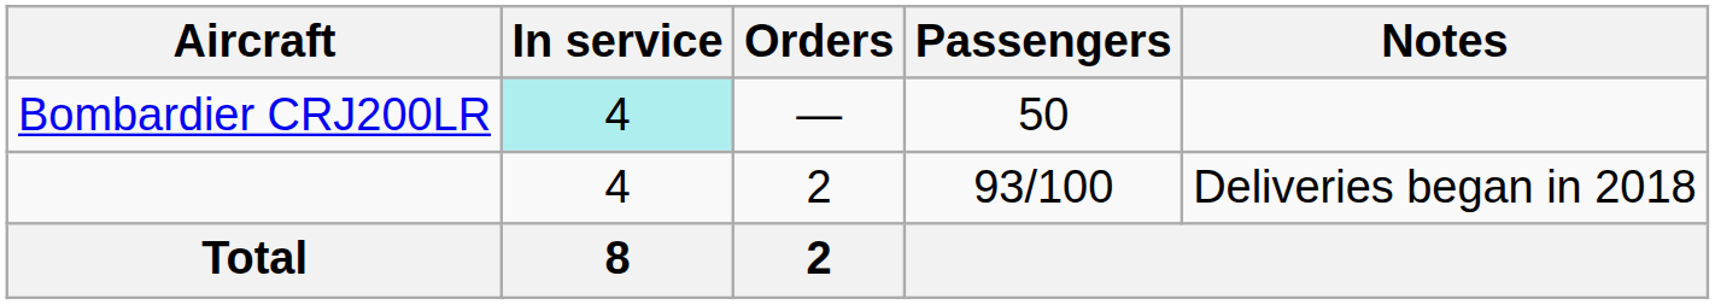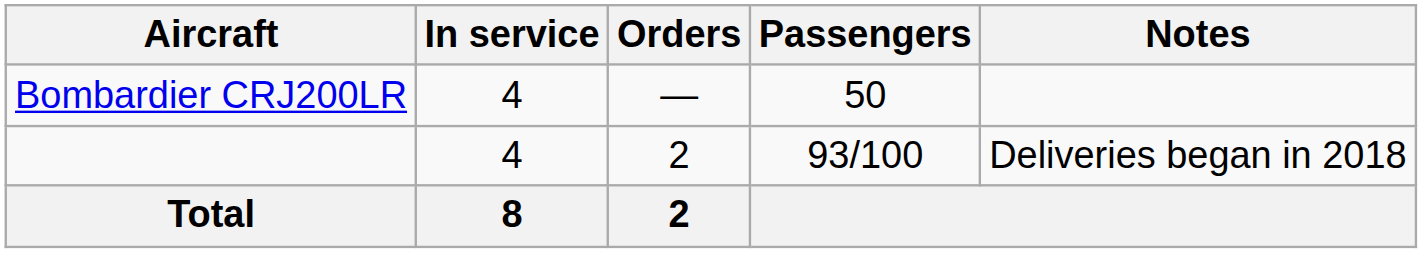 <table class="wikitable" style="margin:1em auto; border-collapse:collapse;text-align:center">
 <tr>
 <th>Aircraft</th>
 <th>In service</th>
 <th>Orders</th>
 <th>Passengers</th>
 <th>Notes</th>
 </tr>
 <tr>
 <td><a href='#'>Bombardier CRJ200LR</a></td>
-<td style="background: paleturquoise;">4</td>
+<td>4</td>
 <td>—</td>
 <td>50</td>
 <td></td>
 </tr>
 <tr>
 <td></td>
 <td>4</td>
 <td>2</td>
 <td>93/100</td>
 <td>Deliveries began in 2018</td>
 </tr>
 <tr>
 <th>Total</th>
 <th>8</th>
 <th>2</th>
 <th colspan="2"></th>
 </tr>
 </table>
